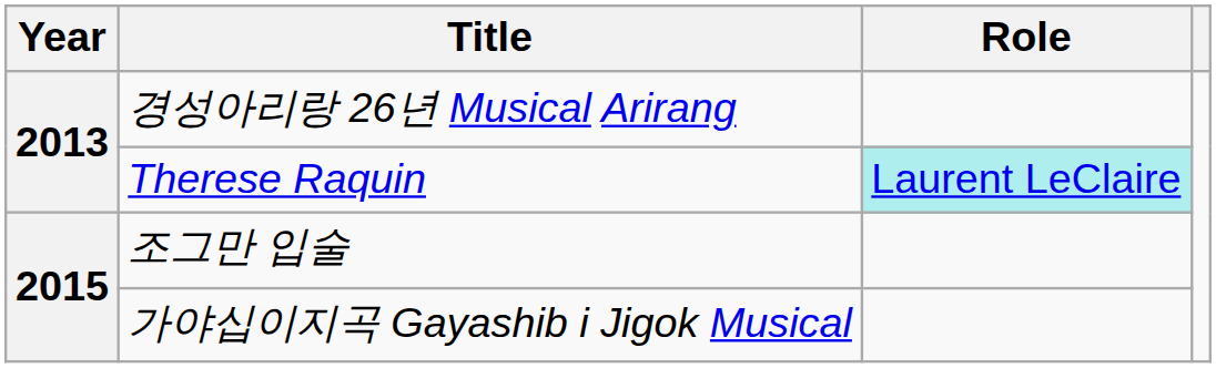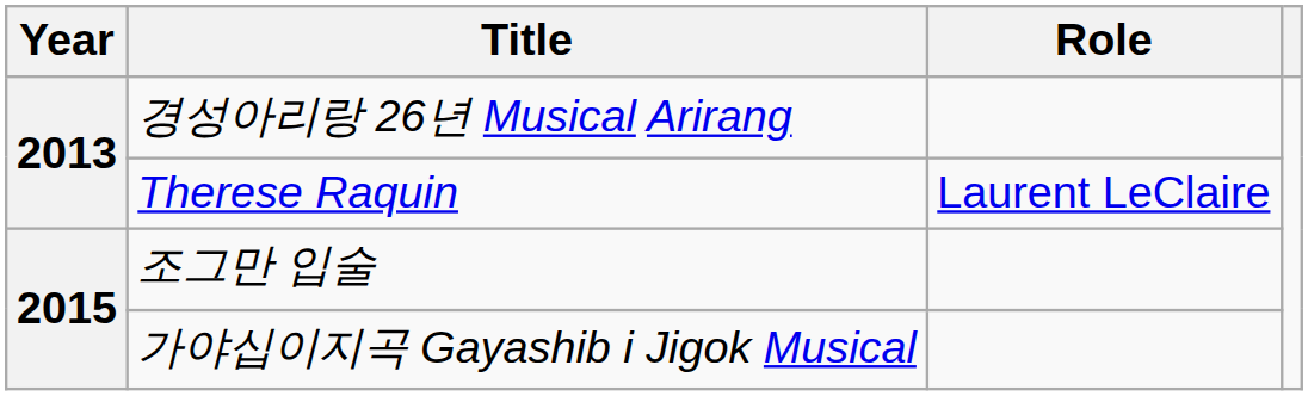 <table class="wikitable plainrowheaders sortable">
 <tr>
 <th scope="col">Year</th>
 <th scope="col">Title</th>
 <th scope="col">Role</th>
 <th scope="col" class="unsortable"></th>
 </tr>
 <tr>
 <th scope="row" rowspan="2">2013</th>
 <td><em> 경성아리랑 26년 <a href='#'>Musical</a> <a href='#'>Arirang</a></em></td>
 <td></td>
 <td rowspan="4" style="text-align:center"></td>
 </tr>
 <tr>
 <td><em><a href='#'>Therese Raquin</a></em></td>
-<td style="background: paleturquoise;"><a href='#'>Laurent LeClaire</a></td>
+<td><a href='#'>Laurent LeClaire</a></td>
 </tr>
 <tr>
 <th scope="row" rowspan="2">2015</th>
 <td><em>조그만 입술</em></td>
 <td style="text-align:center"></td>
 </tr>
 <tr>
 <td><em>가야십이지곡 Gayashib i Jigok <a href='#'>Musical</a></em></td>
 <td style="text-align:center"></td>
 </tr>
 </table>
